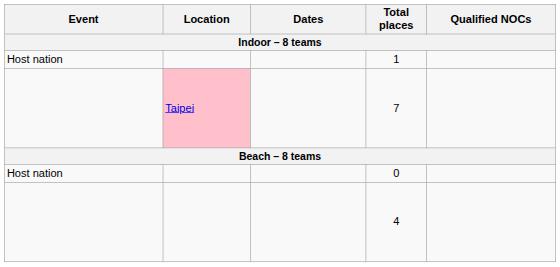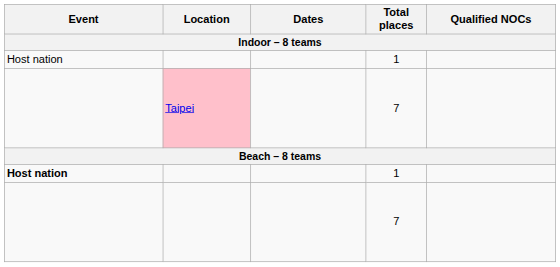 <table class="wikitable" width=800>
 <tr>
 <th>Event</th>
 <th width=120>Location</th>
 <th width=160>Dates</th>
 <th width=80>Total places</th>
 <th width=180>Qualified NOCs</th>
 </tr>
 <tr style="font-size:95%;">
 <th colspan=5>Indoor – 8 teams</th>
 </tr>
 <tr>
 <td>Host nation</td>
 <td></td>
 <td></td>
 <td align="center">1</td>
 <td></td>
 </tr>
 <tr>
 <td></td>
 <td style="background: pink;"> <a href='#'>Taipei</a></td>
 <td align="center"></td>
 <td align="center">7</td>
 <td><br><br><br><br><br><br></td>
 </tr>
 <tr style="font-size:95%;">
 <th colspan=5>Beach – 8 teams</th>
 </tr>
 <tr>
-<td>Host nation</td>
+<td><strong>Host nation</strong></td>
 <td></td>
 <td></td>
-<td align="center">0</td>
+<td align="center">1</td>
 <td></td>
 </tr>
 <tr>
 <td></td>
 <td></td>
 <td></td>
-<td align="center">4</td>
+<td align="center">7</td>
 <td><br><br><br><br><br><br></td>
 </tr>
 </table>
